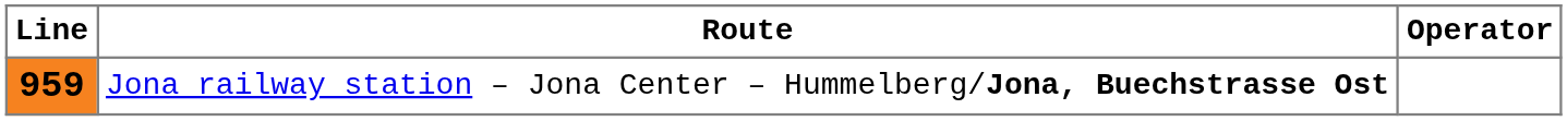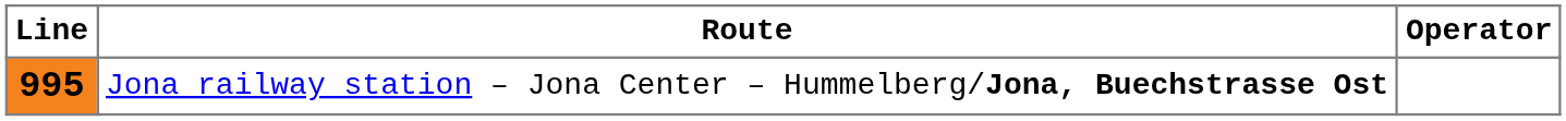 <table border="1" cellspacing="0" cellpadding="3" style="border-collapse:collapse; font-size:95%; margin-left:10px; margin-bottom:5px;">
 <tr>
 <th>Line</th>
 <th>Route</th>
 <th>Operator</th>
 </tr>
 <tr align=center>
-<td bgcolor=#f6821f><span><big><strong>959</strong></big></span></td>
+<td bgcolor=#f6821f><span><big><strong>995</strong></big></span></td>
 <td><a href='#'>Jona railway station</a> – Jona Center – Hummelberg/<strong>Jona, Buechstrasse Ost</strong></td>
 <td><em></em></td>
 </tr>
 </table>
